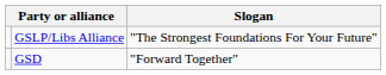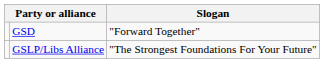 <table class=wikitable>
 <tr>
 <th colspan=2>Party or alliance</th>
 <th>Slogan</th>
 </tr>
 <tr>
 <td></td>
+<td><a href='#'>GSD</a></td>
+<td>"Forward Together"</td>
+</tr>
+<tr>
+<td></td>
 <td><a href='#'>GSLP/Libs Alliance</a></td>
 <td>"The Strongest Foundations For Your Future"</td>
 </tr>
-<tr>
-<td></td>
-<td><a href='#'>GSD</a></td>
-<td>"Forward Together"</td>
-</tr>
 </table>
